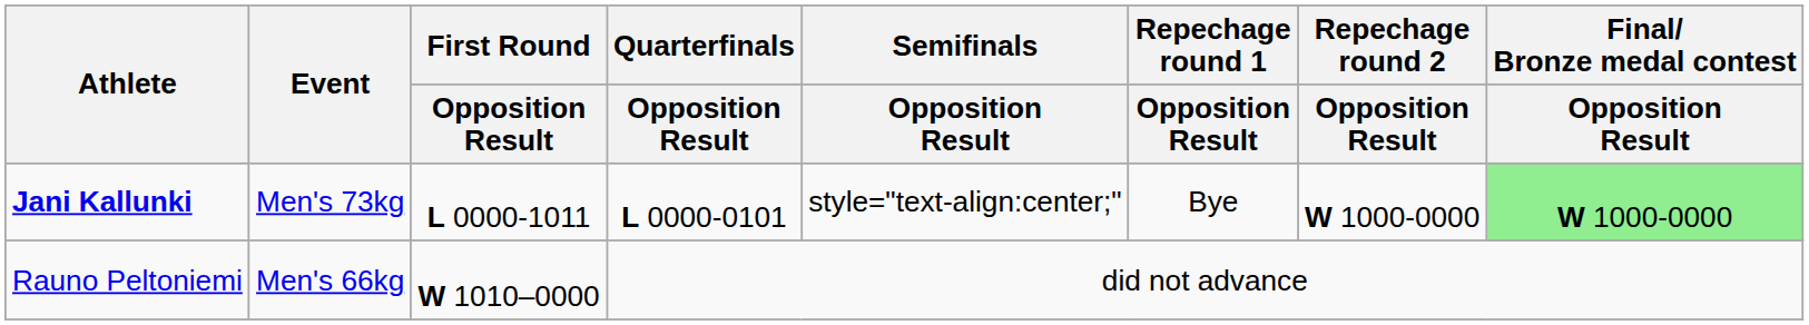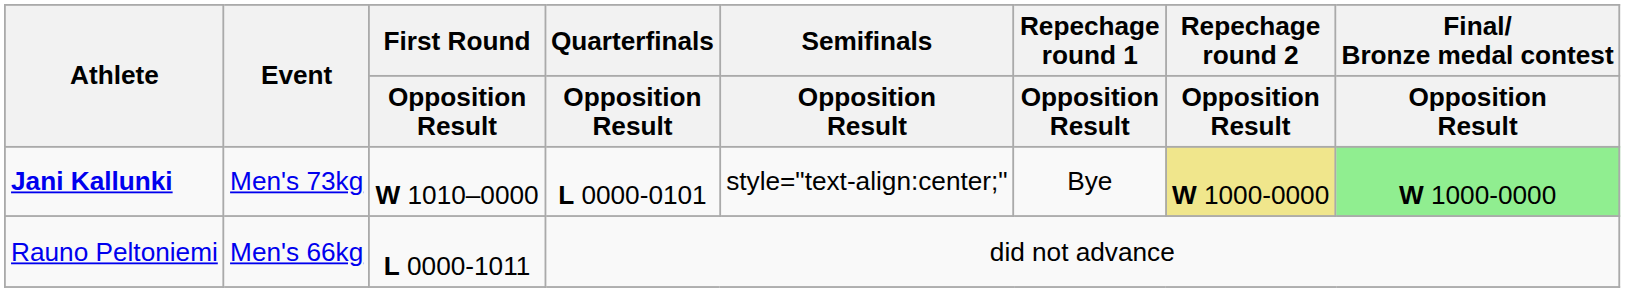 <table class= wikitable style="font-size:90%">
 <tr>
 <th rowspan="2">Athlete</th>
 <th rowspan="2">Event</th>
 <th>First Round</th>
 <th>Quarterfinals</th>
 <th>Semifinals</th>
 <th>Repechage <br>round 1</th>
 <th>Repechage <br>round 2</th>
 <th>Final/<br>Bronze medal contest</th>
 </tr>
 <tr>
 <th>Opposition<br>Result</th>
 <th>Opposition<br>Result</th>
 <th>Opposition<br>Result</th>
 <th>Opposition<br>Result</th>
 <th>Opposition<br>Result</th>
 <th>Opposition<br>Result</th>
 </tr>
 <tr>
 <td><strong><a href='#'>Jani Kallunki</a></strong></td>
 <td style="text-align:center;"><a href='#'>Men's 73kg</a></td>
-<td style="text-align:center;"><br> <strong>L</strong> 0000-1011</td>
+<td style="text-align:center;"><br> <strong>W</strong> 1010–0000</td>
 <td style="text-align:center;"><br> <strong>L</strong> 0000-0101</td>
 <td>style="text-align:center;" </td>
 <td style="text-align:center;">Bye</td>
-<td style="text-align:center;"><br> <strong>W</strong> 1000-0000</td>
+<td style="background: khaki; text-align:center;"><br> <strong>W</strong> 1000-0000</td>
 <td style="background: lightgreen; text-align:center;"><br> <strong>W</strong> 1000-0000 </td>
 </tr>
 <tr>
 <td><a href='#'>Rauno Peltoniemi</a></td>
 <td style="text-align:center;"><a href='#'>Men's 66kg</a></td>
-<td style="text-align:center;"><br> <strong>W</strong> 1010–0000</td>
+<td style="text-align:center;"><br> <strong>L</strong> 0000-1011</td>
 <td style="text-align:center;" colspan="5">did not advance</td>
 </tr>
 </table>
